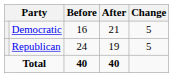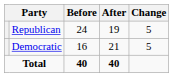 <table class="wikitable" style="text-align:center;">
 <tr>
 <th colspan="2">Party</th>
 <th>Before</th>
 <th>After</th>
 <th>Change</th>
 </tr>
 <tr>
 <th style="background-color:"></th>
-<td style="text-align:left;"><a href='#'>Democratic</a></td>
-<td>16</td>
-<td>21</td>
+<td style="text-align:left;"><a href='#'>Republican</a></td>
+<td>24</td>
+<td>19</td>
 <td> 5</td>
 </tr>
 <tr>
 <th style="background-color:"></th>
-<td style="text-align:left;"><a href='#'>Republican</a></td>
-<td>24</td>
-<td>19</td>
+<td style="text-align:left;"><a href='#'>Democratic</a></td>
+<td>16</td>
+<td>21</td>
 <td> 5</td>
 </tr>
 <tr>
 <td colspan="2"><strong>Total</strong></td>
 <td><strong>40</strong></td>
 <td><strong>40</strong></td>
 </tr>
 </table>
